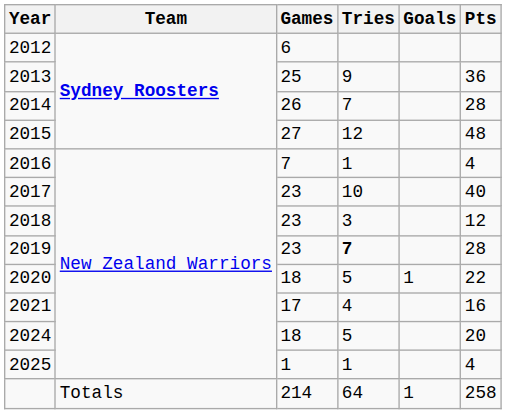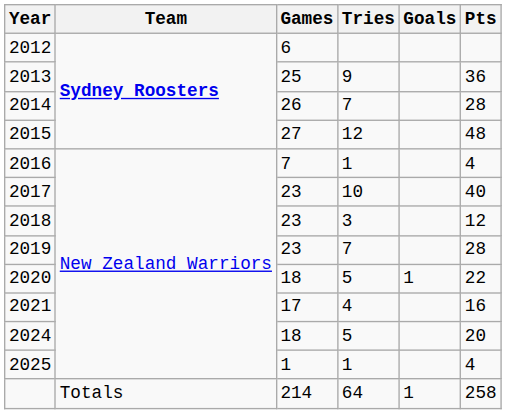 <table class="wikitable">
 <tr>
 <th>Year</th>
 <th>Team</th>
 <th>Games</th>
 <th>Tries</th>
 <th>Goals</th>
 <th>Pts</th>
 </tr>
 <tr>
 <td>2012</td>
 <td rowspan="4"> <strong><a href='#'>Sydney Roosters</a></strong></td>
 <td>6</td>
 <td></td>
 <td></td>
 <td></td>
 </tr>
 <tr>
 <td>2013</td>
 <td>25</td>
 <td>9</td>
 <td></td>
 <td>36</td>
 </tr>
 <tr>
 <td>2014</td>
 <td>26</td>
 <td>7</td>
 <td></td>
 <td>28</td>
 </tr>
 <tr>
 <td>2015</td>
 <td>27</td>
 <td>12</td>
 <td></td>
 <td>48</td>
 </tr>
 <tr>
 <td>2016</td>
 <td rowspan="8"> <a href='#'>New Zealand Warriors</a></td>
 <td>7</td>
 <td>1</td>
 <td></td>
 <td>4</td>
 </tr>
 <tr>
 <td>2017</td>
 <td>23</td>
 <td>10</td>
 <td></td>
 <td>40</td>
 </tr>
 <tr>
 <td>2018</td>
 <td>23</td>
 <td>3</td>
 <td></td>
 <td>12</td>
 </tr>
 <tr>
 <td>2019</td>
 <td>23</td>
-<td><strong>7</strong></td>
+<td>7</td>
 <td></td>
 <td>28</td>
 </tr>
 <tr>
 <td>2020</td>
 <td>18</td>
 <td>5</td>
 <td>1</td>
 <td>22</td>
 </tr>
 <tr>
 <td>2021</td>
 <td>17</td>
 <td>4</td>
 <td></td>
 <td>16</td>
 </tr>
 <tr>
 <td>2024</td>
 <td>18</td>
 <td>5</td>
 <td></td>
 <td>20</td>
 </tr>
 <tr>
 <td>2025</td>
 <td>1</td>
 <td>1</td>
 <td></td>
 <td>4</td>
 </tr>
 <tr>
 <td></td>
 <td>Totals</td>
 <td>214</td>
 <td>64</td>
 <td>1</td>
 <td>258</td>
 </tr>
 </table>
